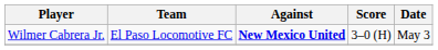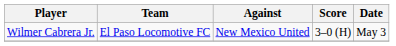 <table class="wikitable">
 <tr>
 <th>Player</th>
 <th>Team</th>
 <th>Against</th>
 <th>Score</th>
 <th>Date</th>
 </tr>
 <tr>
 <td> <a href='#'>Wilmer Cabrera Jr.</a></td>
 <td><a href='#'>El Paso Locomotive FC</a></td>
-<td><strong><a href='#'>New Mexico United</a></strong></td>
+<td><a href='#'>New Mexico United</a></td>
 <td style="text-align:center;">3–0 (H)</td>
 <td>May 3</td>
 </tr>
 <tr>
 </tr>
 </table>
